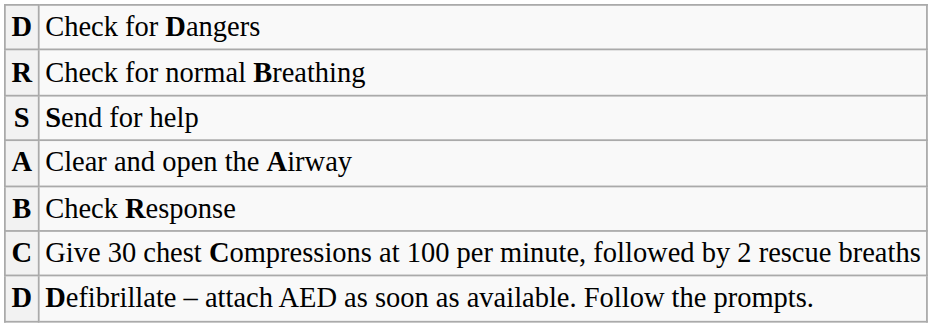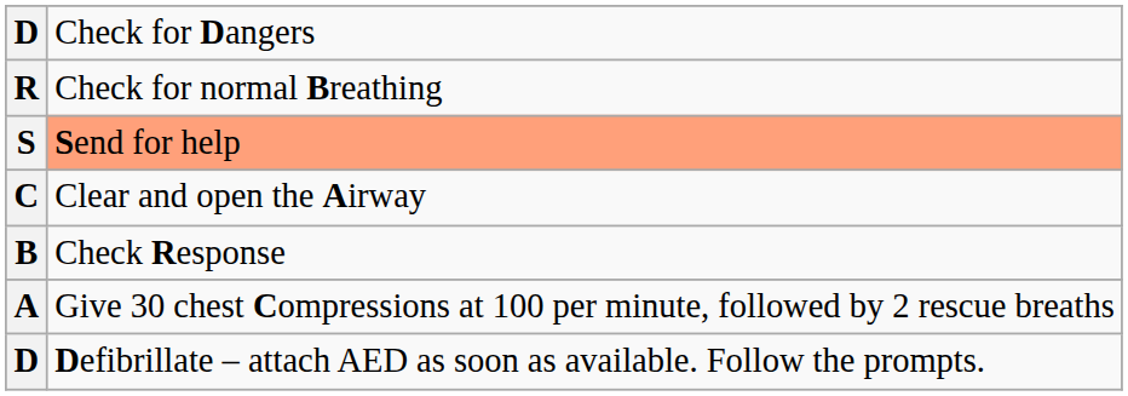 <table class="wikitable">
 <tr>
 <th>D</th>
 <td>Check for <strong>D</strong>angers</td>
 </tr>
 <tr>
 <th>R</th>
 <td>Check for normal <strong>B</strong>reathing</td>
 </tr>
 <tr>
 <th>S</th>
-<td><strong>S</strong>end for help</td>
+<td style="background: lightsalmon;"><strong>S</strong>end for help</td>
 </tr>
 <tr>
-<th>A</th>
+<th>C</th>
 <td>Clear and open the <strong>A</strong>irway</td>
 </tr>
 <tr>
 <th>B</th>
 <td>Check <strong>R</strong>esponse</td>
 </tr>
 <tr>
-<th>C</th>
+<th>A</th>
 <td>Give 30 chest <strong>C</strong>ompressions at 100 per minute, followed by 2 rescue breaths</td>
 </tr>
 <tr>
 <th>D</th>
 <td><strong>D</strong>efibrillate  – attach AED as soon as available. Follow the prompts.</td>
 </tr>
 </table>
